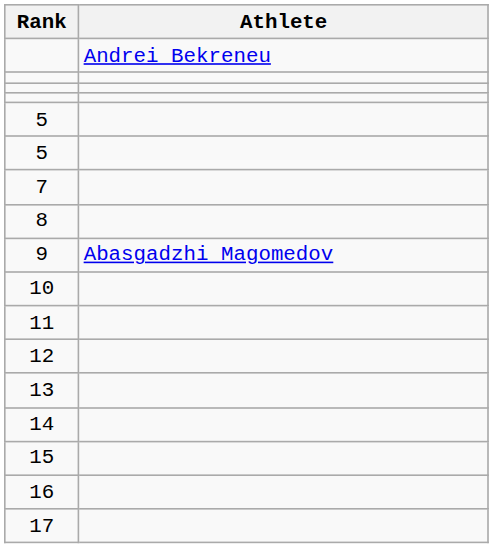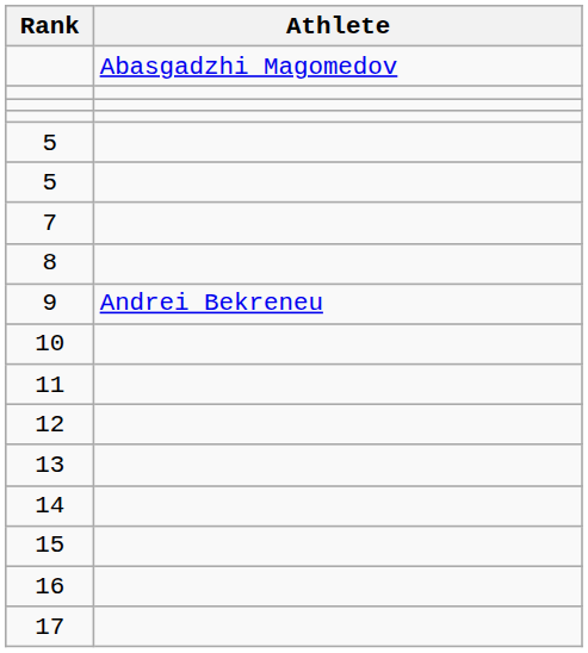 <table class="wikitable" style="text-align: center;">
 <tr>
 <th width=40>Rank</th>
 <th width=250>Athlete</th>
 </tr>
 <tr>
 <td></td>
-<td align="left"> <a href='#'>Andrei Bekreneu</a> </td>
+<td align="left"> <a href='#'>Abasgadzhi Magomedov</a> </td>
 </tr>
 <tr>
 <td></td>
 <td align="left"></td>
 </tr>
 <tr>
 <td></td>
 <td align="left"></td>
 </tr>
 <tr>
 <td></td>
 <td align="left"></td>
 </tr>
 <tr>
 <td>5</td>
 <td align="left"></td>
 </tr>
 <tr>
 <td>5</td>
 <td align="left"></td>
 </tr>
 <tr>
 <td>7</td>
 <td align="left"></td>
 </tr>
 <tr>
 <td>8</td>
 <td align="left"></td>
 </tr>
 <tr>
 <td>9</td>
-<td align="left"> <a href='#'>Abasgadzhi Magomedov</a> </td>
+<td align="left"> <a href='#'>Andrei Bekreneu</a> </td>
 </tr>
 <tr>
 <td>10</td>
 <td align="left"></td>
 </tr>
 <tr>
 <td>11</td>
 <td align="left"></td>
 </tr>
 <tr>
 <td>12</td>
 <td align="left"></td>
 </tr>
 <tr>
 <td>13</td>
 <td align="left"></td>
 </tr>
 <tr>
 <td>14</td>
 <td align="left"></td>
 </tr>
 <tr>
 <td>15</td>
 <td align="left"></td>
 </tr>
 <tr>
 <td>16</td>
 <td align="left"></td>
 </tr>
 <tr>
 <td>17</td>
 <td align="left"></td>
 </tr>
 </table>
